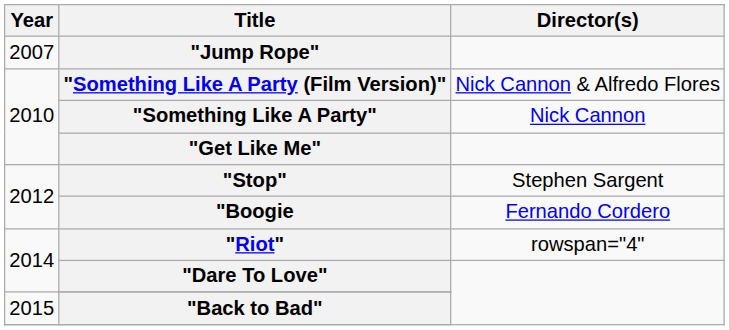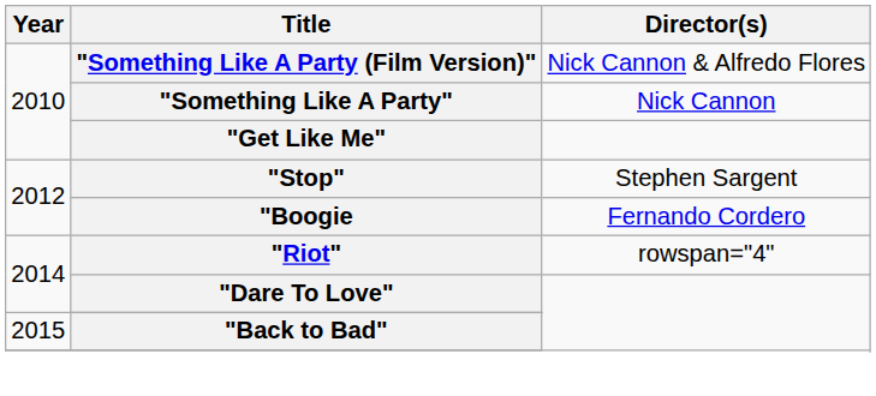 <table class="wikitable plainrowheaders" style="text-align:center;">
 <tr>
 <th scope="col">Year</th>
 <th scope="col">Title</th>
 <th scope="col">Director(s)</th>
-</tr>
-<tr>
-<td>2007</td>
-<th scope="row">"Jump Rope"</th>
-<td></td>
 </tr>
 <tr>
 <td rowspan="3">2010</td>
 <th scope="row">"<a href='#'>Something Like A Party</a> (Film Version)"</th>
 <td><a href='#'>Nick Cannon</a> & Alfredo Flores</td>
 </tr>
 <tr>
 <th scope="row">"Something Like A Party"</th>
 <td><a href='#'>Nick Cannon</a></td>
 </tr>
 <tr>
 <th scope="row">"Get Like Me"</th>
 <td></td>
 </tr>
 <tr>
 <td rowspan="2">2012</td>
 <th scope="row">"Stop"</th>
 <td>Stephen Sargent</td>
 </tr>
 <tr>
 <th scope="row">"Boogie</th>
 <td><a href='#'>Fernando Cordero</a></td>
 </tr>
 <tr>
 <td rowspan="2">2014</td>
 <th scope="row">"<a href='#'>Riot</a>"</th>
 <td>rowspan="4" </td>
 </tr>
 <tr>
 <th scope="row">"Dare To Love"</th>
 </tr>
 <tr>
 <td rowspan="2">2015</td>
 </tr>
 <tr>
 <th scope="row">"Back to Bad"</th>
 </tr>
 <tr>
 </tr>
 </table>
